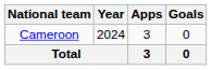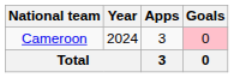 <table class="wikitable" style="text-align:center">
 <tr>
 <th>National team</th>
 <th>Year</th>
 <th>Apps</th>
 <th>Goals</th>
 </tr>
 <tr>
 <td rowspan="1"><a href='#'>Cameroon</a></td>
 <td>2024</td>
 <td>3</td>
-<td>0</td>
+<td style="background: pink;">0</td>
 </tr>
 <tr>
 <th colspan="2">Total</th>
 <th>3</th>
 <th>0</th>
 </tr>
 </table>
